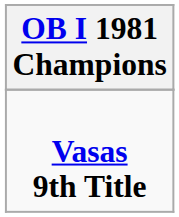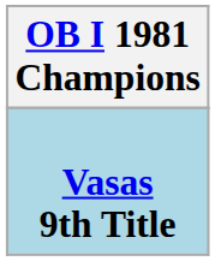 <table class="wikitable" style="text-align: center; margin: 0 auto;">
 <tr>
 <th><a href='#'>OB I</a> 1981<br>Champions</th>
 </tr>
 <tr>
 </tr>
 <tr>
-<td> <br><strong><a href='#'>Vasas</a></strong><br><strong>9th Title</strong></td>
+<td style="background: lightblue;"> <br><strong><a href='#'>Vasas</a></strong><br><strong>9th Title</strong></td>
 </tr>
 </table>
